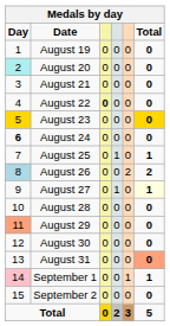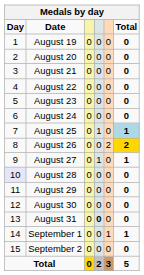 <table class=wikitable style="font-size:85%; float:right;text-align:center">
 <tr>
 <th colspan=7>Medals by day</th>
 </tr>
 <tr>
 <td><strong>Day</strong></td>
 <td><strong>Date</strong></td>
 <td bgcolor=F7F6A8></td>
 <td bgcolor=DCE5E5></td>
 <td bgcolor=FFDAB9></td>
 <td><strong>Total</strong></td>
 </tr>
 <tr>
 <td>1</td>
 <td>August 19</td>
 <td bgcolor=F7F6A8>0</td>
 <td bgcolor=DCE5E5>0</td>
 <td bgcolor=FFDAB9>0</td>
 <td><strong>0</strong></td>
 </tr>
 <tr>
-<td style="background: paleturquoise;">2</td>
+<td>2</td>
 <td>August 20</td>
 <td bgcolor=F7F6A8>0</td>
 <td bgcolor=DCE5E5>0</td>
 <td bgcolor=FFDAB9>0</td>
 <td><strong>0</strong></td>
 </tr>
 <tr>
 <td>3</td>
 <td>August 21</td>
 <td bgcolor=F7F6A8>0</td>
 <td bgcolor=DCE5E5>0</td>
 <td bgcolor=FFDAB9>0</td>
 <td><strong>0</strong></td>
 </tr>
 <tr>
 <td>4</td>
 <td>August 22</td>
-<td bgcolor=F7F6A8><strong>0</strong></td>
+<td bgcolor=F7F6A8>0</td>
 <td bgcolor=DCE5E5>0</td>
 <td bgcolor=FFDAB9>0</td>
 <td><strong>0</strong></td>
 </tr>
 <tr>
-<td style="background: gold;">5</td>
+<td>5</td>
 <td>August 23</td>
 <td bgcolor=F7F6A8>0</td>
 <td bgcolor=DCE5E5>0</td>
 <td bgcolor=FFDAB9>0</td>
-<td style="background: gold;"><strong>0</strong></td>
+<td><strong>0</strong></td>
 </tr>
 <tr>
-<td><strong>6</strong></td>
+<td>6</td>
 <td>August 24</td>
 <td bgcolor=F7F6A8>0</td>
 <td bgcolor=DCE5E5>0</td>
 <td bgcolor=FFDAB9>0</td>
 <td><strong>0</strong></td>
 </tr>
 <tr>
 <td>7</td>
 <td>August 25</td>
 <td bgcolor=F7F6A8>0</td>
 <td bgcolor=DCE5E5>1</td>
 <td bgcolor=FFDAB9>0</td>
-<td><strong>1</strong></td>
+<td style="background: lightblue;"><strong>1</strong></td>
 </tr>
 <tr>
-<td style="background: lightblue;">8</td>
+<td>8</td>
 <td>August 26</td>
 <td bgcolor=F7F6A8>0</td>
 <td bgcolor=DCE5E5>0</td>
 <td bgcolor=FFDAB9>2</td>
-<td><strong>2</strong></td>
+<td style="background: gold;"><strong>2</strong></td>
 </tr>
 <tr>
 <td>9</td>
 <td>August 27</td>
 <td bgcolor=F7F6A8>0</td>
 <td bgcolor=DCE5E5>1</td>
 <td bgcolor=FFDAB9>0</td>
-<td style="background: lightyellow;"><strong>1</strong></td>
+<td><strong>1</strong></td>
 </tr>
 <tr>
-<td>10</td>
+<td style="background: lavender;">10</td>
 <td>August 28</td>
 <td bgcolor=F7F6A8>0</td>
 <td bgcolor=DCE5E5>0</td>
 <td bgcolor=FFDAB9>0</td>
 <td><strong>0</strong></td>
 </tr>
 <tr>
-<td style="background: lightsalmon;">11</td>
+<td>11</td>
 <td>August 29</td>
 <td bgcolor=F7F6A8>0</td>
 <td bgcolor=DCE5E5>0</td>
 <td bgcolor=FFDAB9>0</td>
 <td><strong>0</strong></td>
 </tr>
 <tr>
 <td>12</td>
 <td>August 30</td>
 <td bgcolor=F7F6A8>0</td>
 <td bgcolor=DCE5E5>0</td>
 <td bgcolor=FFDAB9>0</td>
 <td><strong>0</strong></td>
 </tr>
 <tr>
 <td>13</td>
 <td>August 31</td>
 <td bgcolor=F7F6A8>0</td>
-<td bgcolor=DCE5E5>0</td>
+<td bgcolor=DCE5E5><strong>0</strong></td>
 <td bgcolor=FFDAB9>0</td>
-<td style="background: lightsalmon;"><strong>0</strong></td>
+<td><strong>0</strong></td>
 </tr>
 <tr>
-<td style="background: pink;">14</td>
+<td>14</td>
 <td>September 1</td>
 <td bgcolor=F7F6A8>0</td>
 <td bgcolor=DCE5E5>0</td>
 <td bgcolor=FFDAB9>1</td>
 <td><strong>1</strong></td>
 </tr>
 <tr>
 <td>15</td>
 <td>September 2</td>
 <td bgcolor=F7F6A8>0</td>
 <td bgcolor=DCE5E5>0</td>
 <td bgcolor=FFDAB9>0</td>
 <td><strong>0</strong></td>
 </tr>
 <tr>
 <td colspan=2><strong>Total</strong></td>
 <td style="background:gold;"><strong>0</strong></td>
 <td style="background:silver;"><strong>2</strong></td>
 <td style="background:#c96;"><strong>3</strong></td>
 <td><strong>5</strong></td>
 </tr>
 </table>
